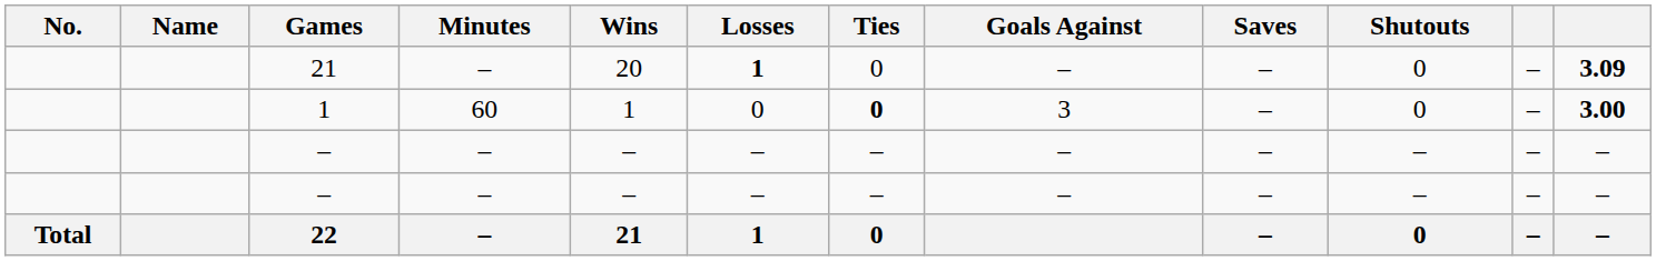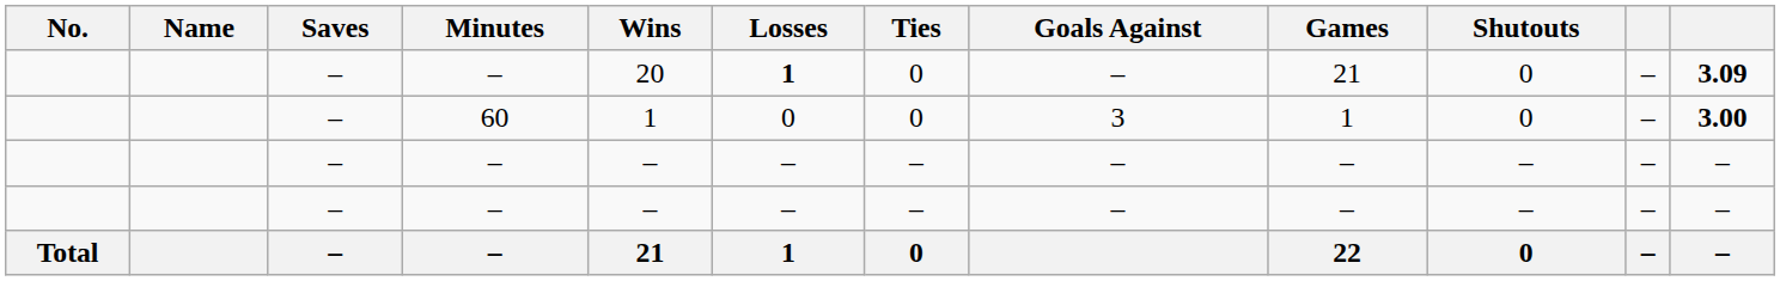 <table class="wikitable sortable" width ="1000">
 <tr align="center"  style=>
 <th>No.</th>
 <th>Name</th>
-<th>Games</th>
+<th>Saves</th>
 <th>Minutes</th>
 <th>Wins</th>
 <th>Losses</th>
 <th>Ties</th>
 <th>Goals Against</th>
-<th>Saves</th>
+<th>Games</th>
 <th>Shutouts</th>
 <th><a href='#'></a></th>
 <th><a href='#'></a></th>
 </tr>
 <tr align="center" bgcolor="">
 <td></td>
 <td></td>
-<td>21</td>
+<td>–</td>
 <td>–</td>
 <td>20</td>
 <td><strong>1</strong></td>
 <td>0</td>
 <td>–</td>
-<td>–</td>
+<td>21</td>
 <td>0</td>
 <td>–</td>
 <td><strong>3.09</strong></td>
 </tr>
 <tr align="center" bgcolor="">
 <td></td>
 <td></td>
-<td>1</td>
+<td>–</td>
 <td>60</td>
 <td>1</td>
 <td>0</td>
-<td><strong>0</strong></td>
+<td>0</td>
 <td>3</td>
-<td>–</td>
+<td>1</td>
 <td>0</td>
 <td>–</td>
 <td><strong>3.00</strong></td>
 </tr>
 <tr align="center" bgcolor="">
 <td></td>
 <td></td>
 <td>–</td>
 <td>–</td>
 <td>–</td>
 <td>–</td>
 <td>–</td>
 <td>–</td>
 <td>–</td>
 <td>–</td>
 <td>–</td>
 <td>–</td>
 </tr>
 <tr align="center" bgcolor="">
 <td></td>
 <td></td>
 <td>–</td>
 <td>–</td>
 <td>–</td>
 <td>–</td>
 <td>–</td>
 <td>–</td>
 <td>–</td>
 <td>–</td>
 <td>–</td>
 <td>–</td>
 </tr>
 <tr>
 <th>Total</th>
 <th></th>
-<th>22</th>
+<th>–</th>
 <th>–</th>
 <th>21</th>
 <th>1</th>
 <th>0</th>
 <th></th>
-<th>–</th>
+<th>22</th>
 <th>0</th>
 <th>–</th>
 <th>–</th>
 </tr>
 </table>
